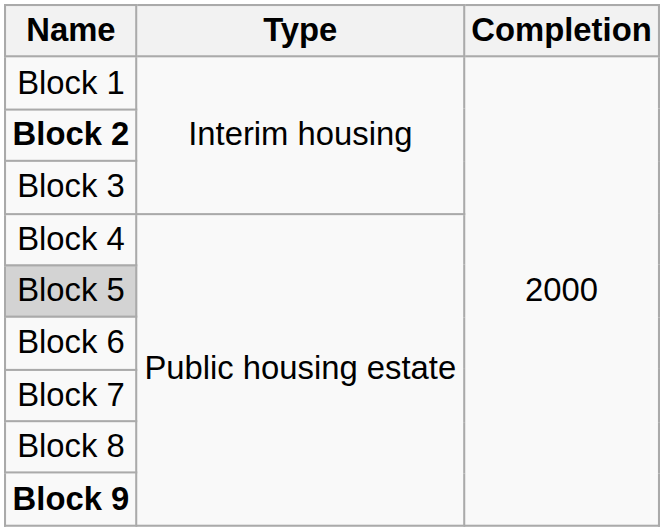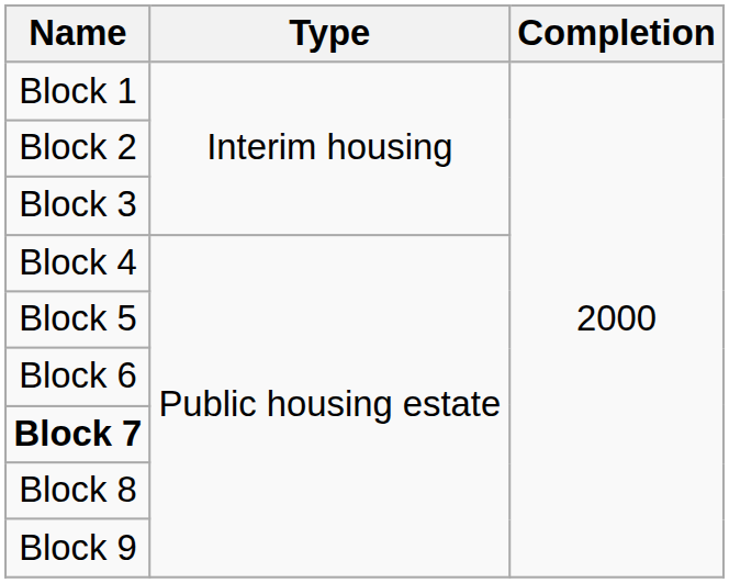 <table class="wikitable" style="text-align: center">
 <tr>
 <th>Name</th>
 <th>Type</th>
 <th>Completion</th>
 </tr>
 <tr>
 <td>Block 1</td>
 <td rowspan="3">Interim housing</td>
 <td rowspan="9">2000</td>
 </tr>
 <tr>
-<td><strong>Block 2</strong></td>
+<td>Block 2</td>
 </tr>
 <tr>
 <td>Block 3</td>
 </tr>
 <tr>
 <td>Block 4</td>
 <td rowspan="6">Public housing estate</td>
 </tr>
 <tr>
-<td style="background: lightgrey;">Block 5</td>
+<td>Block 5</td>
 </tr>
 <tr>
 <td>Block 6</td>
 </tr>
 <tr>
-<td>Block 7</td>
+<td><strong>Block 7</strong></td>
 </tr>
 <tr>
 <td>Block 8</td>
 </tr>
 <tr>
-<td><strong>Block 9</strong></td>
+<td>Block 9</td>
 </tr>
 </table>
